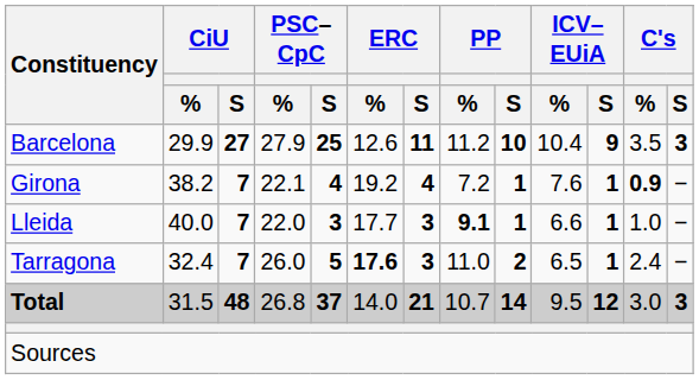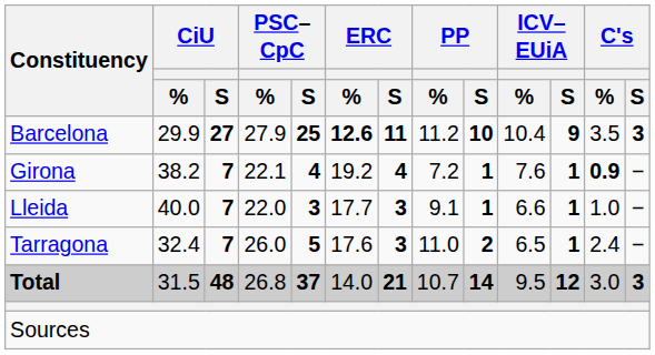 <table class="wikitable sortable" style="text-align:right; line-height:20px;">
 <tr>
 <th rowspan="3">Constituency</th>
 <th colspan="2" width="30px" class="unsortable"><a href='#'>CiU</a></th>
 <th colspan="2" width="30px" class="unsortable"><a href='#'>PSC</a>–<a href='#'>CpC</a></th>
 <th colspan="2" width="30px" class="unsortable"><a href='#'>ERC</a></th>
 <th colspan="2" width="30px" class="unsortable"><a href='#'>PP</a></th>
 <th colspan="2" width="30px" class="unsortable"><a href='#'>ICV–EUiA</a></th>
 <th colspan="2" width="30px" class="unsortable"><a href='#'>C's</a></th>
 </tr>
 <tr>
 <th colspan="2" style="background:"></th>
 <th colspan="2" style="background:"></th>
 <th colspan="2" style="background:"></th>
 <th colspan="2" style="background:"></th>
 <th colspan="2" style="background:"></th>
 <th colspan="2" style="background:"></th>
 </tr>
 <tr>
 <th data-sort-type="number">%</th>
 <th data-sort-type="number">S</th>
 <th data-sort-type="number">%</th>
 <th data-sort-type="number">S</th>
 <th data-sort-type="number">%</th>
 <th data-sort-type="number">S</th>
 <th data-sort-type="number">%</th>
 <th data-sort-type="number">S</th>
 <th data-sort-type="number">%</th>
 <th data-sort-type="number">S</th>
 <th data-sort-type="number">%</th>
 <th data-sort-type="number">S</th>
 </tr>
 <tr>
 <td align="left"><a href='#'>Barcelona</a></td>
 <td style="background:">29.9</td>
 <td><strong>27</strong></td>
 <td>27.9</td>
 <td><strong>25</strong></td>
-<td>12.6</td>
+<td><strong>12.6</strong></td>
 <td><strong>11</strong></td>
 <td>11.2</td>
 <td><strong>10</strong></td>
 <td>10.4</td>
 <td><strong>9</strong></td>
 <td>3.5</td>
 <td><strong>3</strong></td>
 </tr>
 <tr>
 <td align="left"><a href='#'>Girona</a></td>
 <td style="background:">38.2</td>
 <td><strong>7</strong></td>
 <td>22.1</td>
 <td><strong>4</strong></td>
 <td>19.2</td>
 <td><strong>4</strong></td>
 <td>7.2</td>
 <td><strong>1</strong></td>
 <td>7.6</td>
 <td><strong>1</strong></td>
 <td><strong>0.9</strong></td>
 <td>−</td>
 </tr>
 <tr>
 <td align="left"><a href='#'>Lleida</a></td>
 <td style="background:">40.0</td>
 <td><strong>7</strong></td>
 <td>22.0</td>
 <td><strong>3</strong></td>
 <td>17.7</td>
 <td><strong>3</strong></td>
-<td><strong>9.1</strong></td>
+<td>9.1</td>
 <td><strong>1</strong></td>
 <td>6.6</td>
 <td><strong>1</strong></td>
 <td>1.0</td>
 <td>−</td>
 </tr>
 <tr>
 <td align="left"><a href='#'>Tarragona</a></td>
 <td style="background:">32.4</td>
 <td><strong>7</strong></td>
 <td>26.0</td>
 <td><strong>5</strong></td>
-<td><strong>17.6</strong></td>
+<td>17.6</td>
 <td><strong>3</strong></td>
 <td>11.0</td>
 <td><strong>2</strong></td>
 <td>6.5</td>
 <td><strong>1</strong></td>
 <td>2.4</td>
 <td>−</td>
 </tr>
 <tr style="background:#CDCDCD;">
 <td align="left"><strong>Total</strong></td>
 <td style="background:">31.5</td>
 <td><strong>48</strong></td>
 <td>26.8</td>
 <td><strong>37</strong></td>
 <td>14.0</td>
 <td><strong>21</strong></td>
 <td>10.7</td>
 <td><strong>14</strong></td>
 <td>9.5</td>
 <td><strong>12</strong></td>
 <td>3.0</td>
 <td><strong>3</strong></td>
 </tr>
 <tr>
 <th colspan="13"></th>
 </tr>
 <tr>
 <th style="text-align:left; font-weight:normal; background:#F9F9F9" colspan="13">Sources</th>
 </tr>
 </table>
